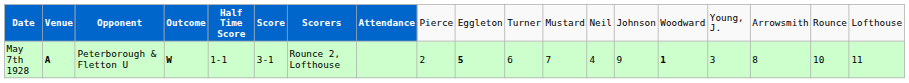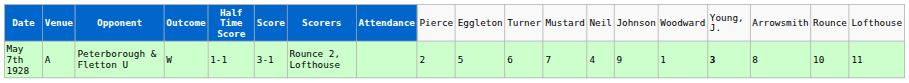 <table class="wikitable">
 <tr>
 <td style="background:#0066CC; color:#FFFFFF; text-align:center;"><strong>Date</strong></td>
 <td style="background:#0066CC; color:#FFFFFF; text-align:center;"><strong>Venue</strong></td>
 <td style="background:#0066CC; color:#FFFFFF; text-align:center;"><strong>Opponent</strong></td>
 <td style="background:#0066CC; color:#FFFFFF; text-align:center;"><strong>Outcome</strong></td>
 <td style="background:#0066CC; color:#FFFFFF; text-align:center;"><strong>Half Time Score</strong></td>
 <td style="background:#0066CC; color:#FFFFFF; text-align:center;"><strong>Score</strong></td>
 <td style="background:#0066CC; color:#FFFFFF; text-align:center;"><strong>Scorers</strong></td>
 <td style="background:#0066CC; color:#FFFFFF; text-align:center;"><strong>Attendance</strong></td>
 <td>Pierce</td>
 <td>Eggleton</td>
 <td>Turner</td>
 <td>Mustard</td>
 <td>Neil</td>
 <td>Johnson</td>
 <td>Woodward</td>
 <td>Young, J.</td>
 <td>Arrowsmith</td>
 <td>Rounce</td>
 <td>Lofthouse</td>
 </tr>
 <tr bgcolor="#CCFFCC">
 <td>May 7th 1928</td>
-<td><strong>A</strong></td>
+<td>A</td>
 <td>Peterborough & Fletton U</td>
-<td><strong>W</strong></td>
+<td>W</td>
 <td>1-1</td>
 <td>3-1</td>
 <td>Rounce 2, Lofthouse</td>
 <td></td>
 <td>2</td>
-<td><strong>5</strong></td>
+<td>5</td>
 <td>6</td>
 <td>7</td>
 <td>4</td>
 <td>9</td>
-<td><strong>1</strong></td>
-<td>3</td>
+<td>1</td>
+<td><strong>3</strong></td>
 <td>8</td>
 <td>10</td>
 <td>11</td>
 </tr>
 </table>
